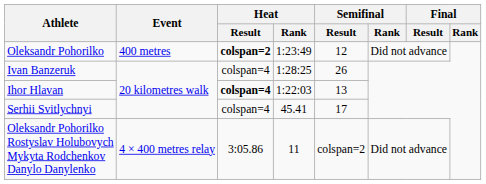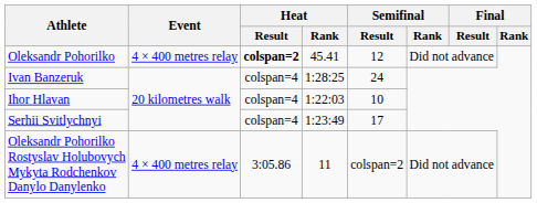 <table class=wikitable style=font-size:90%>
 <tr>
 <th rowspan=2>Athlete</th>
 <th rowspan=2>Event</th>
 <th colspan=2>Heat</th>
 <th colspan=2>Semifinal</th>
 <th colspan=2>Final</th>
 </tr>
 <tr style=font-size:95%>
 <th>Result</th>
 <th>Rank</th>
 <th>Result</th>
 <th>Rank</th>
 <th>Result</th>
 <th>Rank</th>
 </tr>
 <tr align=center>
 <td align=left><a href='#'>Oleksandr Pohorilko</a></td>
-<td align=left><a href='#'>400 metres</a></td>
+<td align=left><a href='#'>4 × 400 metres relay</a></td>
 <td><strong>colspan=2 </strong></td>
-<td>1:23:49 </td>
+<td>45.41</td>
 <td>12</td>
 <td colspan=2>Did not advance</td>
 </tr>
 <tr align=center>
 <td align=left><a href='#'>Ivan Banzeruk</a></td>
 <td align=left rowspan=3><a href='#'>20 kilometres walk</a></td>
 <td>colspan=4</td>
 <td>1:28:25 </td>
-<td>26</td>
+<td>24</td>
 </tr>
 <tr align=center>
 <td align=left><a href='#'>Ihor Hlavan</a></td>
-<td><strong>colspan=4</strong></td>
+<td>colspan=4</td>
 <td>1:22:03</td>
-<td>13</td>
+<td>10</td>
 </tr>
 <tr align=center>
 <td align=left><a href='#'>Serhii Svitlychnyi</a></td>
 <td>colspan=4</td>
-<td>45.41</td>
+<td>1:23:49 </td>
 <td>17</td>
 </tr>
 <tr align=center>
 <td align=left><a href='#'>Oleksandr Pohorilko</a><br><a href='#'>Rostyslav Holubovych</a><br><a href='#'>Mykyta Rodchenkov</a><br><a href='#'>Danylo Danylenko</a></td>
 <td align=left><a href='#'>4 × 400 metres relay</a></td>
 <td>3:05.86  </td>
 <td>11</td>
 <td>colspan=2</td>
 <td colspan=2>Did not advance</td>
 </tr>
 </table>
